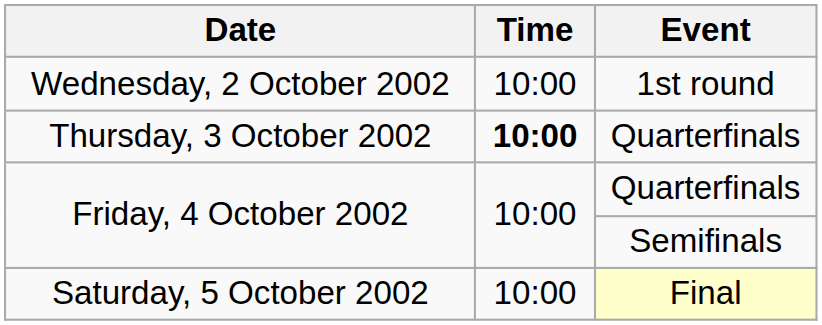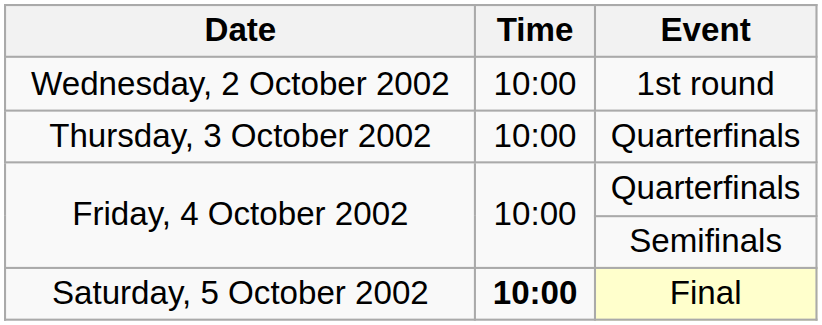 <table class = "wikitable" style="text-align:center;">
 <tr>
 <th width=220>Date</th>
 <th width=50>Time</th>
 <th width=100>Event</th>
 </tr>
 <tr>
 <td>Wednesday, 2 October 2002</td>
 <td>10:00</td>
 <td>1st round</td>
 </tr>
 <tr>
 <td>Thursday, 3 October 2002</td>
-<td><strong>10:00</strong></td>
+<td>10:00</td>
 <td>Quarterfinals</td>
 </tr>
 <tr>
 <td rowspan=2>Friday, 4 October 2002</td>
 <td rowspan=2>10:00</td>
 <td>Quarterfinals</td>
 </tr>
 <tr>
 <td>Semifinals</td>
 </tr>
 <tr>
 <td>Saturday, 5 October 2002</td>
-<td>10:00</td>
+<td><strong>10:00</strong></td>
 <td bgcolor=ffffcc>Final</td>
 </tr>
 </table>
